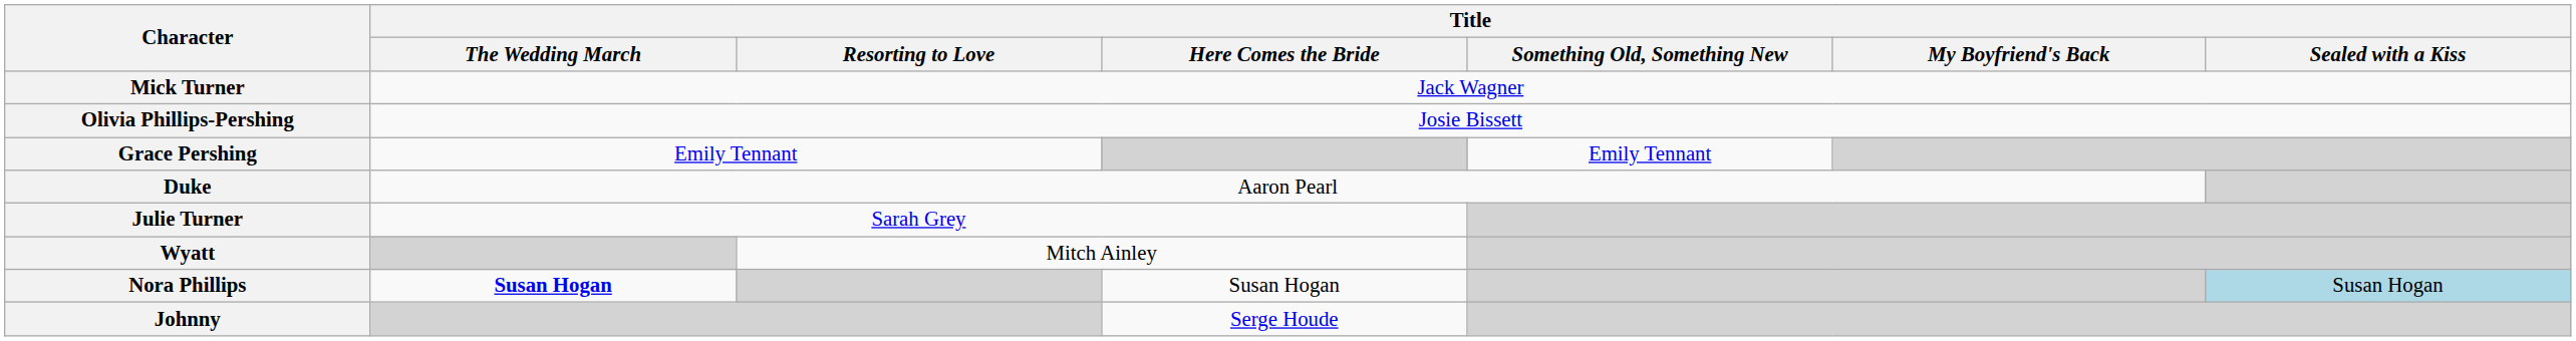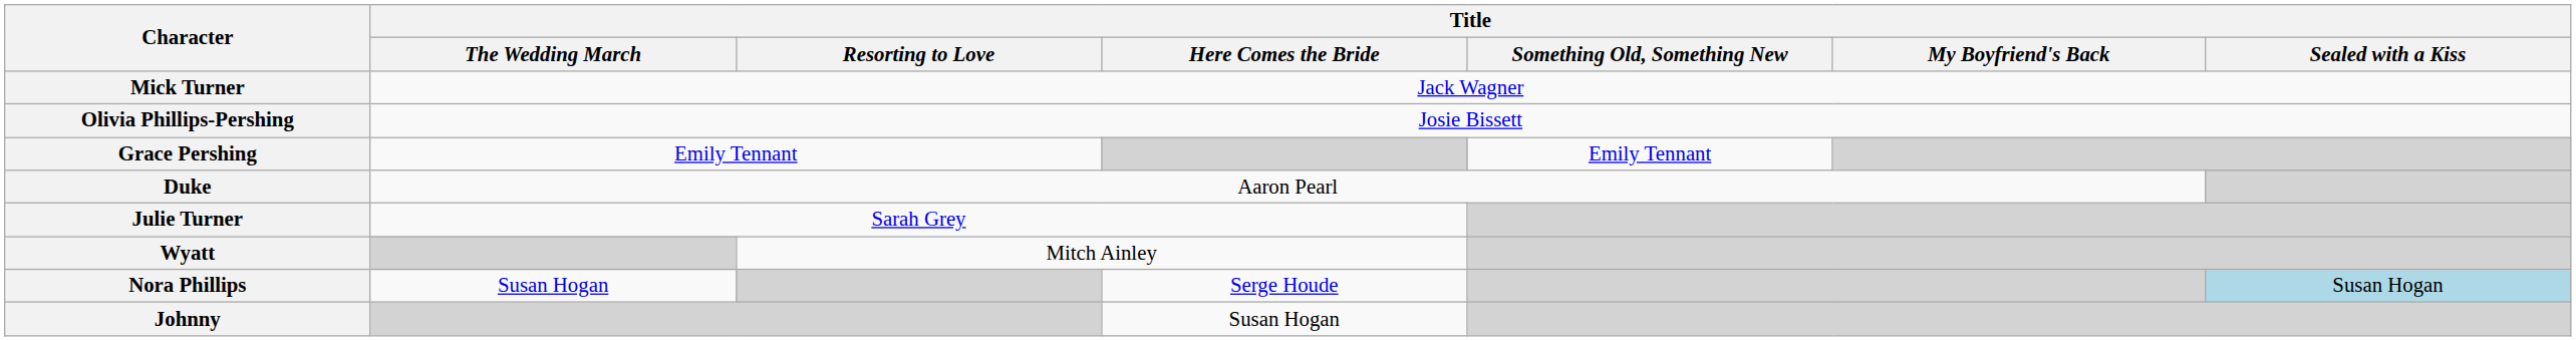 <table class="wikitable" style="text-align:center;">
 <tr>
 <th rowspan="2" style="width:4%;">Character</th>
 <th colspan=6>Title</th>
 </tr>
 <tr>
 <th style="width:4%;"><em>The Wedding March</em></th>
 <th style="width:4%;"><em>Resorting to Love</em></th>
 <th style="width:4%;"><em>Here Comes the Bride</em></th>
 <th style="width:4%;"><em>Something Old, Something New</em></th>
 <th style="width:4%;"><em>My Boyfriend's Back</em></th>
 <th style="width:4%;"><em>Sealed with a Kiss</em></th>
 </tr>
 <tr>
 <th>Mick Turner</th>
 <td colspan="6"><a href='#'>Jack Wagner</a></td>
 </tr>
 <tr>
 <th>Olivia Phillips-Pershing</th>
 <td colspan="6"><a href='#'>Josie Bissett</a></td>
 </tr>
 <tr>
 <th>Grace Pershing</th>
 <td colspan="2"><a href='#'>Emily Tennant</a></td>
 <td style="background:#d3d3d3;" colspan=1></td>
 <td colspan="1"><a href='#'>Emily Tennant</a></td>
 <td style="background:#d3d3d3;" colspan=2></td>
 </tr>
 <tr>
 <th>Duke</th>
 <td colspan="5">Aaron Pearl</td>
 <td style="background:#d3d3d3;" colspan=1></td>
 </tr>
 <tr>
 <th>Julie Turner</th>
 <td colspan="3"><a href='#'>Sarah Grey</a></td>
 <td style="background:#d3d3d3;" colspan=3></td>
 </tr>
 <tr>
 <th>Wyatt</th>
 <td style="background:#d3d3d3;" colspan=1></td>
 <td colspan="2">Mitch Ainley</td>
 <td style="background:#d3d3d3;" colspan=3></td>
 </tr>
 <tr>
 <th>Nora Phillips</th>
-<td colspan="1"><strong><a href='#'>Susan Hogan</a></strong></td>
+<td colspan="1"><a href='#'>Susan Hogan</a></td>
 <td style="background:#d3d3d3;" colspan=1></td>
-<td colspan="1">Susan Hogan</td>
+<td colspan="1"><a href='#'>Serge Houde</a></td>
 <td style="background:#d3d3d3;" colspan=2></td>
 <td colspan="1" style="background: lightblue;">Susan Hogan</td>
 </tr>
 <tr>
 <th>Johnny</th>
 <td style="background:#d3d3d3;" colspan=2></td>
-<td colspan="1"><a href='#'>Serge Houde</a></td>
+<td colspan="1">Susan Hogan</td>
 <td style="background:#d3d3d3;" colspan=3></td>
 </tr>
 </table>
